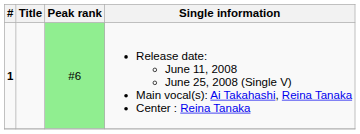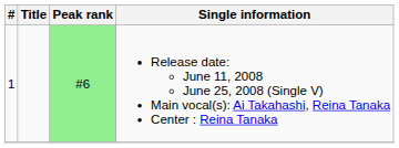 <table class="wikitable">
 <tr>
 <th>#</th>
 <th>Title</th>
 <th>Peak rank</th>
 <th>Single information</th>
 </tr>
 <tr>
-<td align="center"><strong>1</strong></td>
+<td align="center">1</td>
 <td></td>
 <td align="center" style="background: lightgreen;">#6</td>
 <td><br><ul><li>Release date:<ul><li>June 11, 2008</li><li>June 25, 2008 (Single V)</li></ul></li><li>Main vocal(s): <a href='#'>Ai Takahashi</a>, <a href='#'>Reina Tanaka</a></li><li>Center : <a href='#'>Reina Tanaka</a></li></ul></td>
 </tr>
 <tr>
 </tr>
 </table>
